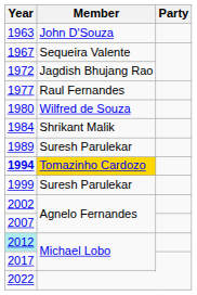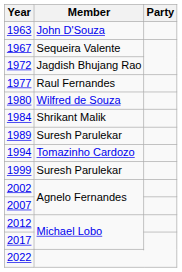 <table class="wikitable sortable">
 <tr>
 <th>Year</th>
 <th>Member</th>
 <th colspan="2">Party</th>
 </tr>
 <tr>
 <td><a href='#'>1963</a></td>
 <td><a href='#'>John D'Souza</a></td>
 <td></td>
 </tr>
 <tr>
 <td><a href='#'>1967</a></td>
 <td>Sequeira Valente</td>
 </tr>
 <tr>
 <td><a href='#'>1972</a></td>
 <td>Jagdish Bhujang Rao</td>
 </tr>
 <tr>
 <td><a href='#'>1977</a></td>
 <td>Raul Fernandes</td>
 <td></td>
 </tr>
 <tr>
 <td><a href='#'>1980</a></td>
 <td><a href='#'>Wilfred de Souza</a></td>
 <td></td>
 </tr>
 <tr>
 <td><a href='#'>1984</a></td>
 <td>Shrikant Malik</td>
 <td></td>
 </tr>
 <tr>
 <td><a href='#'>1989</a></td>
 <td>Suresh Parulekar</td>
 <td></td>
 </tr>
 <tr>
-<td><strong><a href='#'>1994</a></strong></td>
-<td style="background: gold;"><a href='#'>Tomazinho Cardozo</a></td>
+<td><a href='#'>1994</a></td>
+<td><a href='#'>Tomazinho Cardozo</a></td>
 </tr>
 <tr>
 <td><a href='#'>1999</a></td>
 <td>Suresh Parulekar</td>
 <td></td>
 </tr>
 <tr>
 <td><a href='#'>2002</a></td>
 <td rowspan=2>Agnelo Fernandes</td>
 <td></td>
 </tr>
 <tr>
 <td><a href='#'>2007</a></td>
 </tr>
 <tr>
-<td style="background: paleturquoise;"><a href='#'>2012</a></td>
+<td><a href='#'>2012</a></td>
 <td rowspan=3><a href='#'>Michael Lobo</a></td>
 <td></td>
 </tr>
 <tr>
 <td><a href='#'>2017</a></td>
 </tr>
 <tr>
 <td rowspan="2"><a href='#'>2022</a></td>
 </tr>
 <tr>
 </tr>
 </table>
